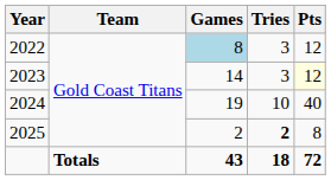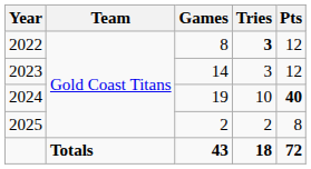 <table class="wikitable">
 <tr>
 <th>Year</th>
 <th>Team</th>
 <th>Games</th>
 <th>Tries</th>
 <th>Pts</th>
 </tr>
 <tr>
 <td align=center>2022</td>
 <td rowspan=4> <a href='#'>Gold Coast Titans</a></td>
-<td align=right style="background: lightblue;">8</td>
-<td align=right>3</td>
+<td align=right>8</td>
+<td align=right><strong>3</strong></td>
 <td align=right>12</td>
 </tr>
 <tr>
 <td align=center>2023</td>
 <td align=right>14</td>
 <td align=right>3</td>
-<td align=right style="background: lightyellow;">12</td>
+<td align=right>12</td>
 </tr>
 <tr>
 <td align=center>2024</td>
 <td align=right>19</td>
 <td align=right>10</td>
-<td align=right>40</td>
+<td align=right><strong>40</strong></td>
 </tr>
 <tr>
 <td align=center>2025</td>
 <td align=right>2</td>
-<td align=right><strong>2</strong></td>
+<td align=right>2</td>
 <td align=right>8</td>
 </tr>
 <tr>
 <td></td>
 <td align=left><strong>Totals</strong></td>
 <td align=right><strong>43</strong></td>
 <td align=right><strong>18</strong></td>
 <td align=right><strong>72</strong></td>
 </tr>
 </table>
